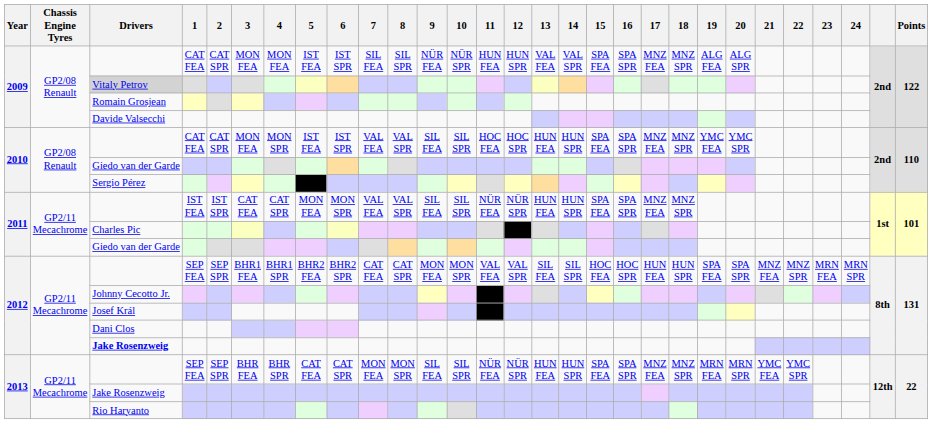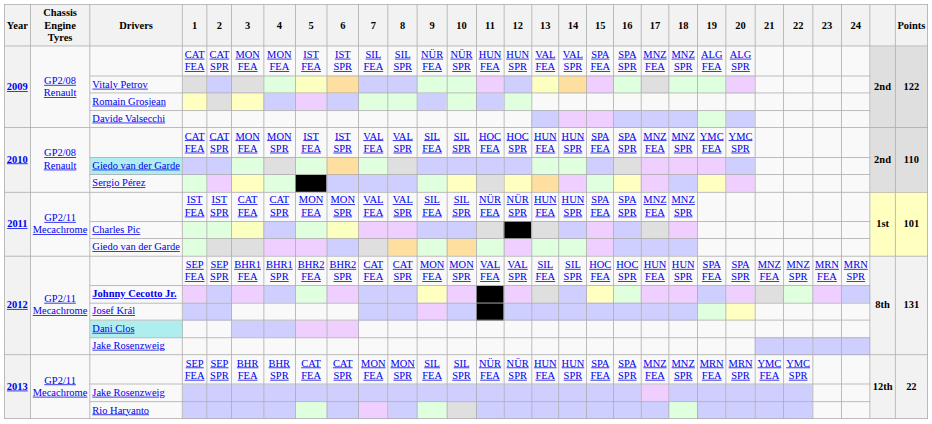 <table class="wikitable" style="text-align:center; font-size:85%;">
 <tr>
 <th>Year</th>
 <th>Chassis<br>Engine<br>Tyres</th>
 <th>Drivers</th>
 <th>1</th>
 <th>2</th>
 <th>3</th>
 <th>4</th>
 <th>5</th>
 <th>6</th>
 <th>7</th>
 <th>8</th>
 <th>9</th>
 <th>10</th>
 <th>11</th>
 <th>12</th>
 <th>13</th>
 <th>14</th>
 <th>15</th>
 <th>16</th>
 <th>17</th>
 <th>18</th>
 <th>19</th>
 <th>20</th>
 <th>21</th>
 <th>22</th>
 <th>23</th>
 <th>24</th>
 <th></th>
 <th>Points</th>
 </tr>
 <tr>
 <th rowspan=4><a href='#'>2009</a></th>
 <td rowspan=4><a href='#'>GP2/08</a><br><a href='#'>Renault</a><br></td>
 <td></td>
 <td><a href='#'>CAT<br>FEA</a></td>
 <td><a href='#'>CAT<br>SPR</a></td>
 <td><a href='#'>MON<br>FEA</a></td>
 <td><a href='#'>MON<br>FEA</a></td>
 <td><a href='#'>IST<br>FEA</a></td>
 <td><a href='#'>IST<br>SPR</a></td>
 <td><a href='#'>SIL<br>FEA</a></td>
 <td><a href='#'>SIL<br>SPR</a></td>
 <td><a href='#'>NÜR<br>FEA</a></td>
 <td><a href='#'>NÜR<br>SPR</a></td>
 <td><a href='#'>HUN<br>FEA</a></td>
 <td><a href='#'>HUN<br>SPR</a></td>
 <td><a href='#'>VAL<br>FEA</a></td>
 <td><a href='#'>VAL<br>SPR</a></td>
 <td><a href='#'>SPA<br>FEA</a></td>
 <td><a href='#'>SPA<br>SPR</a></td>
 <td><a href='#'>MNZ<br>FEA</a></td>
 <td><a href='#'>MNZ<br>SPR</a></td>
 <td><a href='#'>ALG<br>FEA</a></td>
 <td><a href='#'>ALG<br>SPR</a></td>
 <td></td>
 <td></td>
 <td></td>
 <td></td>
 <th rowspan=4 style="background:#DFDFDF;">2nd</th>
 <th rowspan=4 style="background:#DFDFDF;">122</th>
 </tr>
 <tr>
-<td align=left style="background: lightgrey;"> <a href='#'>Vitaly Petrov</a></td>
+<td align=left> <a href='#'>Vitaly Petrov</a></td>
 <td style="background:#DFDFDF;"></td>
 <td style="background:#CFCFFF;"></td>
 <td style="background:#DFDFDF;"></td>
 <td style="background:#DFFFDF;"></td>
 <td style="background:#FBFFBF;"></td>
 <td style="background:#FFDF9F;"></td>
 <td style="background:#CFCFFF;"></td>
 <td style="background:#CFCFFF;"></td>
 <td style="background:#DFFFDF;"></td>
 <td style="background:#DFFFDF;"></td>
 <td style="background:#EFCFFF;"></td>
 <td style="background:#CFCFFF;"></td>
 <td style="background:#FBFFBF;"></td>
 <td style="background:#FFDF9F;"></td>
 <td style="background:#EFCFFF;"></td>
 <td style="background:#DFFFDF;"></td>
 <td style="background:#DFDFDF;"></td>
 <td style="background:#DFFFDF;"></td>
 <td style="background:#DFFFDF;"></td>
 <td style="background:#EFCFFF;"></td>
 <td></td>
 <td></td>
 <td></td>
 <td></td>
 </tr>
 <tr>
 <td align=left> <a href='#'>Romain Grosjean</a></td>
 <td style="background:#FFFFBF;"></td>
 <td style="background:#DFDFDF;"></td>
 <td style="background:#FFFFBF;"></td>
 <td style="background:#CFCFFF;"></td>
 <td style="background:#EFCFFF;"></td>
 <td style="background:#CFCFFF;"></td>
 <td style="background:#DFFFDF;"></td>
 <td style="background:#DFFFDF;"></td>
 <td style="background:#CFCFFF;"></td>
 <td style="background:#DFFFDF;"></td>
 <td style="background:#CFCFFF;"></td>
 <td style="background:#DFFFDF;"></td>
 <td></td>
 <td></td>
 <td></td>
 <td></td>
 <td></td>
 <td></td>
 <td></td>
 <td></td>
 <td></td>
 <td></td>
 <td></td>
 <td></td>
 </tr>
 <tr>
 <td align=left> <a href='#'>Davide Valsecchi</a></td>
 <td></td>
 <td></td>
 <td></td>
 <td></td>
 <td></td>
 <td></td>
 <td></td>
 <td></td>
 <td></td>
 <td></td>
 <td></td>
 <td></td>
 <td style="background:#CFCFFF;"></td>
 <td style="background:#EFCFFF;"></td>
 <td style="background:#EFCFFF;"></td>
 <td style="background:#CFCFFF;"></td>
 <td style="background:#CFCFFF;"></td>
 <td style="background:#CFCFFF;"></td>
 <td style="background:#DFFFDF;"></td>
 <td style="background:#CFCFFF;"></td>
 <td></td>
 <td></td>
 <td></td>
 <td></td>
 </tr>
 <tr>
 <th rowspan=3><a href='#'>2010</a></th>
 <td rowspan=3><a href='#'>GP2/08</a><br><a href='#'>Renault</a><br></td>
 <td></td>
 <td><a href='#'>CAT<br>FEA</a></td>
 <td><a href='#'>CAT<br>SPR</a></td>
 <td><a href='#'>MON<br>FEA</a></td>
 <td><a href='#'>MON<br>SPR</a></td>
 <td><a href='#'>IST<br>FEA</a></td>
 <td><a href='#'>IST<br>SPR</a></td>
 <td><a href='#'>VAL<br>FEA</a></td>
 <td><a href='#'>VAL<br>SPR</a></td>
 <td><a href='#'>SIL<br>FEA</a></td>
 <td><a href='#'>SIL<br>SPR</a></td>
 <td><a href='#'>HOC<br>FEA</a></td>
 <td><a href='#'>HOC<br>SPR</a></td>
 <td><a href='#'>HUN<br>FEA</a></td>
 <td><a href='#'>HUN<br>SPR</a></td>
 <td><a href='#'>SPA<br>FEA</a></td>
 <td><a href='#'>SPA<br>SPR</a></td>
 <td><a href='#'>MNZ<br>FEA</a></td>
 <td><a href='#'>MNZ<br>SPR</a></td>
 <td><a href='#'>YMC<br>FEA</a></td>
 <td><a href='#'>YMC<br>SPR</a></td>
 <td></td>
 <td></td>
 <td></td>
 <td></td>
 <th rowspan=3 style="background:#DFDFDF;">2nd</th>
 <th rowspan=3 style="background:#DFDFDF;">110</th>
 </tr>
 <tr>
-<td align=left> <a href='#'>Giedo van der Garde</a></td>
+<td align=left style="background: paleturquoise;"> <a href='#'>Giedo van der Garde</a></td>
 <td style="background:#CFCFFF;"></td>
 <td style="background:#CFCFFF;"></td>
 <td style="background:#DFFFDF;"></td>
 <td style="background:#DFDFDF;"></td>
 <td style="background:#DFFFDF;"></td>
 <td style="background:#FFDF9F;"></td>
 <td style="background:#DFFFDF;"></td>
 <td style="background:#DFDFDF;"></td>
 <td style="background:#CFCFFF;"></td>
 <td style="background:#CFCFFF;"></td>
 <td style="background:#CFCFFF;"></td>
 <td style="background:#CFCFFF;"></td>
 <td style="background:#DFFFDF;"></td>
 <td style="background:#DFFFDF;"></td>
 <td style="background:#CFCFFF;"></td>
 <td style="background:#DFDFDF;"></td>
 <td style="background:#EFCFFF;"></td>
 <td style="background:#EFCFFF;"></td>
 <td style="background:#EFCFFF;"></td>
 <td style="background:#CFCFFF;"></td>
 <td></td>
 <td></td>
 <td></td>
 <td></td>
 </tr>
 <tr>
 <td align=left> <a href='#'>Sergio Pérez</a></td>
 <td style="background:#DFFFDF;"></td>
 <td style="background:#EFCFFF;"></td>
 <td style="background:#FFFFBF;"></td>
 <td style="background:#DFFFDF;"></td>
 <td style="background:#000000; color:#ffffff"></td>
 <td style="background:#CFCFFF;"></td>
 <td style="background:#CFCFFF;"></td>
 <td style="background:#CFCFFF;"></td>
 <td style="background:#DFFFDF;"></td>
 <td style="background:#FFFFBF;"></td>
 <td style="background:#DFDFDF;"></td>
 <td style="background:#FFFFBF;"></td>
 <td style="background:#ffdf9f;"></td>
 <td style="background:#EFCFFF;"></td>
 <td style="background:#DFFFDF;"></td>
 <td style="background:#FFFFBF;"></td>
 <td style="background:#EFCFFF;"></td>
 <td style="background:#CFCFFF;"></td>
 <td style="background:#FFFFBF;"></td>
 <td style="background:#EFCFFF;"></td>
 <td></td>
 <td></td>
 <td></td>
 <td></td>
 </tr>
 <tr>
 <th rowspan=3><a href='#'>2011</a></th>
 <td rowspan=3><a href='#'>GP2/11</a><br><a href='#'>Mecachrome</a><br></td>
 <td></td>
 <td><a href='#'>IST<br>FEA</a></td>
 <td><a href='#'>IST<br>SPR</a></td>
 <td><a href='#'>CAT<br>FEA</a></td>
 <td><a href='#'>CAT<br>SPR</a></td>
 <td><a href='#'>MON<br>FEA</a></td>
 <td><a href='#'>MON<br>SPR</a></td>
 <td><a href='#'>VAL<br>FEA</a></td>
 <td><a href='#'>VAL<br>SPR</a></td>
 <td><a href='#'>SIL<br>FEA</a></td>
 <td><a href='#'>SIL<br>SPR</a></td>
 <td><a href='#'>NÜR<br>FEA</a></td>
 <td><a href='#'>NÜR<br>SPR</a></td>
 <td><a href='#'>HUN<br>FEA</a></td>
 <td><a href='#'>HUN<br>SPR</a></td>
 <td><a href='#'>SPA<br>FEA</a></td>
 <td><a href='#'>SPA<br>SPR</a></td>
 <td><a href='#'>MNZ<br>FEA</a></td>
 <td><a href='#'>MNZ<br>SPR</a></td>
 <td></td>
 <td></td>
 <td></td>
 <td></td>
 <td></td>
 <td></td>
 <th rowspan=3 style="background:#FFFFBF;">1st</th>
 <th rowspan=3 style="background:#FFFFBF;">101</th>
 </tr>
 <tr>
 <td align=left> <a href='#'>Charles Pic</a></td>
 <td style="background:#DFFFDF;"></td>
 <td style="background:#DFFFDF;"></td>
 <td style="background:#FBFFBF;"></td>
 <td style="background:#CFCFFF;"></td>
 <td style="background:#DFFFDF;"></td>
 <td style="background:#FBFFBF;"></td>
 <td style="background:#EFCFFF;"></td>
 <td style="background:#EFCFFF;"></td>
 <td style="background:#CFCFFF;"></td>
 <td style="background:#CFCFFF;"></td>
 <td style="background:#DFDFDF;"></td>
 <td style="background:black; color:white"></td>
 <td style="background:#DFDFDF;"></td>
 <td style="background:#CFCFFF;"></td>
 <td style="background:#EFCFFF;"></td>
 <td style="background:#CFCFFF;"></td>
 <td style="background:#DFDFDF;"></td>
 <td style="background:#EFCFFF;"></td>
 <td></td>
 <td></td>
 <td></td>
 <td></td>
 <td></td>
 <td></td>
 </tr>
 <tr>
 <td align=left> <a href='#'>Giedo van der Garde</a></td>
 <td style="background:#DFFFDF;"></td>
 <td style="background:#DFDFDF;"></td>
 <td style="background:#DFDFDF;"></td>
 <td style="background:#EFCFFF;"></td>
 <td style="background:#EFCFFF;"></td>
 <td style="background:#CFCFFF;"></td>
 <td style="background:#DFDFDF;"></td>
 <td style="background:#FFDF9F;"></td>
 <td style="background:#DFFFDF;"></td>
 <td style="background:#FFDF9F;"></td>
 <td style="background:#DFFFDF;"></td>
 <td style="background:#EFCFFF;"></td>
 <td style="background:#DFFFDF;"></td>
 <td style="background:#DFFFDF;"></td>
 <td style="background:#EFCFFF;"></td>
 <td style="background:#CFCFFF;"></td>
 <td style="background:#CFCFFF;"></td>
 <td style="background:#CFCFFF;"></td>
 <td></td>
 <td></td>
 <td></td>
 <td></td>
 <td></td>
 <td></td>
 </tr>
 <tr>
 <th rowspan=5><a href='#'>2012</a></th>
 <td rowspan=5><a href='#'>GP2/11</a><br><a href='#'>Mecachrome</a><br></td>
 <td></td>
 <td><a href='#'>SEP<br>FEA</a></td>
 <td><a href='#'>SEP<br>SPR</a></td>
 <td><a href='#'>BHR1<br>FEA</a></td>
 <td><a href='#'>BHR1<br>SPR</a></td>
 <td><a href='#'>BHR2<br>FEA</a></td>
 <td><a href='#'>BHR2<br>SPR</a></td>
 <td><a href='#'>CAT<br>FEA</a></td>
 <td><a href='#'>CAT<br>SPR</a></td>
 <td><a href='#'>MON<br>FEA</a></td>
 <td><a href='#'>MON<br>SPR</a></td>
 <td><a href='#'>VAL<br>FEA</a></td>
 <td><a href='#'>VAL<br>SPR</a></td>
 <td><a href='#'>SIL<br>FEA</a></td>
 <td><a href='#'>SIL<br>SPR</a></td>
 <td><a href='#'>HOC<br>FEA</a></td>
 <td><a href='#'>HOC<br>SPR</a></td>
 <td><a href='#'>HUN<br>FEA</a></td>
 <td><a href='#'>HUN<br>SPR</a></td>
 <td><a href='#'>SPA<br>FEA</a></td>
 <td><a href='#'>SPA<br>SPR</a></td>
 <td><a href='#'>MNZ<br>FEA</a></td>
 <td><a href='#'>MNZ<br>SPR</a></td>
 <td><a href='#'>MRN<br>FEA</a></td>
 <td><a href='#'>MRN<br>SPR</a></td>
 <th rowspan=5>8th</th>
 <th rowspan=5>131</th>
 </tr>
 <tr>
-<td align=left> <a href='#'>Johnny Cecotto Jr.</a></td>
+<td align=left><strong> <a href='#'>Johnny Cecotto Jr.</a></strong></td>
 <td style="background:#efcfff;"></td>
 <td style="background:#cfcfff;"></td>
 <td style="background:#efcfff;"></td>
 <td style="background:#cfcfff;"></td>
 <td style="background:#DFFFDF;"></td>
 <td style="background:#efcfff;"></td>
 <td style="background:#cfcfff;"></td>
 <td style="background:#cfcfff;"></td>
 <td style="background:#ffffbf;"></td>
 <td style="background:#efcfff;"></td>
 <td style="background:#000000; color:white"></td>
 <td style="background:#efcfff;"></td>
 <td style="background:#DFDFDF;"></td>
 <td style="background:#cfcfff;"></td>
 <td style="background:#ffffbf;"></td>
 <td style="background:#DFFFDF;"></td>
 <td style="background:#efcfff;"></td>
 <td style="background:#efcfff;"></td>
 <td style="background:#cfcfff;"></td>
 <td style="background:#efcfff;"></td>
 <td style="background:#DFDFDF;"></td>
 <td style="background:#DFFFDF;"></td>
 <td style="background:#efcfff;"></td>
 <td style="background:#cfcfff;"></td>
 </tr>
 <tr>
 <td align=left> <a href='#'>Josef Král</a></td>
 <td style="background:#cfcfff;"></td>
 <td style="background:#cfcfff;"></td>
 <td></td>
 <td></td>
 <td></td>
 <td></td>
 <td style="background:#cfcfff;"></td>
 <td style="background:#cfcfff;"></td>
 <td style="background:#EFCFFF;"></td>
 <td style="background:#cfcfff;"></td>
 <td style="background:#000000; color:white"></td>
 <td style="background:#cfcfff;"></td>
 <td style="background:#cfcfff;"></td>
 <td style="background:#cfcfff;"></td>
 <td style="background:#cfcfff;"></td>
 <td style="background:#cfcfff;"></td>
 <td style="background:#cfcfff;"></td>
 <td style="background:#cfcfff;"></td>
 <td style="background:#DFFFDF;"></td>
 <td style="background:#ffffbf;"></td>
 <td></td>
 <td></td>
 <td></td>
 <td></td>
 </tr>
 <tr>
-<td align=left> <a href='#'>Dani Clos</a></td>
+<td align=left style="background: paleturquoise;"> <a href='#'>Dani Clos</a></td>
 <td></td>
 <td></td>
 <td style="background:#cfcfff;"></td>
 <td style="background:#cfcfff;"></td>
 <td style="background:#EFCFFF;"></td>
 <td style="background:#EFCFFF;"></td>
 <td></td>
 <td></td>
 <td></td>
 <td></td>
 <td></td>
 <td></td>
 <td></td>
 <td></td>
 <td></td>
 <td></td>
 <td></td>
 <td></td>
 <td></td>
 <td></td>
 <td></td>
 <td></td>
 <td></td>
 <td></td>
 </tr>
 <tr>
-<td align=left><strong> <a href='#'>Jake Rosenzweig</a></strong></td>
+<td align=left> <a href='#'>Jake Rosenzweig</a></td>
 <td></td>
 <td></td>
 <td></td>
 <td></td>
 <td></td>
 <td></td>
 <td></td>
 <td></td>
 <td></td>
 <td></td>
 <td></td>
 <td></td>
 <td></td>
 <td></td>
 <td></td>
 <td></td>
 <td></td>
 <td></td>
 <td></td>
 <td></td>
 <td style="background:#cfcfff;"></td>
 <td style="background:#cfcfff;"></td>
 <td style="background:#cfcfff;"></td>
 <td style="background:#cfcfff;"></td>
 </tr>
 <tr>
 <th rowspan=3><a href='#'>2013</a></th>
 <td rowspan=3><a href='#'>GP2/11</a><br><a href='#'>Mecachrome</a><br></td>
 <td></td>
 <td><a href='#'>SEP<br>FEA</a></td>
 <td><a href='#'>SEP<br>SPR</a></td>
 <td><a href='#'>BHR<br>FEA</a></td>
 <td><a href='#'>BHR<br>SPR</a></td>
 <td><a href='#'>CAT<br>FEA</a></td>
 <td><a href='#'>CAT<br>SPR</a></td>
 <td><a href='#'>MON<br>FEA</a></td>
 <td><a href='#'>MON<br>SPR</a></td>
 <td><a href='#'>SIL<br>FEA</a></td>
 <td><a href='#'>SIL<br>SPR</a></td>
 <td><a href='#'>NÜR<br>FEA</a></td>
 <td><a href='#'>NÜR<br>SPR</a></td>
 <td><a href='#'>HUN<br>FEA</a></td>
 <td><a href='#'>HUN<br>SPR</a></td>
 <td><a href='#'>SPA<br>FEA</a></td>
 <td><a href='#'>SPA<br>SPR</a></td>
 <td><a href='#'>MNZ<br>FEA</a></td>
 <td><a href='#'>MNZ<br>SPR</a></td>
 <td><a href='#'>MRN<br>FEA</a></td>
 <td><a href='#'>MRN<br>SPR</a></td>
 <td><a href='#'>YMC<br>FEA</a></td>
 <td><a href='#'>YMC<br>SPR</a></td>
 <td></td>
 <td></td>
 <th rowspan=3>12th</th>
 <th rowspan=3>22</th>
 </tr>
 <tr>
 <td align=left> <a href='#'>Jake Rosenzweig</a></td>
 <td style="background:#CFCFFF;"></td>
 <td style="background:#CFCFFF;"></td>
 <td style="background:#CFCFFF;"></td>
 <td style="background:#CFCFFF;"></td>
 <td style="background:#CFCFFF;"></td>
 <td style="background:#CFCFFF;"></td>
 <td style="background:#CFCFFF;"></td>
 <td style="background:#CFCFFF;"></td>
 <td style="background:#CFCFFF;"></td>
 <td style="background:#CFCFFF;"></td>
 <td style="background:#CFCFFF;"></td>
 <td style="background:#CFCFFF;"></td>
 <td style="background:#CFCFFF;"></td>
 <td style="background:#CFCFFF;"></td>
 <td style="background:#CFCFFF;"></td>
 <td style="background:#CFCFFF;"></td>
 <td style="background:#EFCFFF;"></td>
 <td style="background:#CFCFFF;"></td>
 <td style="background:#CFCFFF;"></td>
 <td style="background:#CFCFFF;"></td>
 <td style="background:#CFCFFF;"></td>
 <td style="background:#CFCFFF;"></td>
 <td></td>
 <td></td>
 </tr>
 <tr>
 <td align=left> <a href='#'>Rio Haryanto</a></td>
 <td style="background:#CFCFFF;"></td>
 <td style="background:#CFCFFF;"></td>
 <td style="background:#CFCFFF;"></td>
 <td style="background:#CFCFFF;"></td>
 <td style="background:#DFFFDF;"></td>
 <td style="background:#CFCFFF;"></td>
 <td style="background:#EFCFFF;"></td>
 <td style="background:#CFCFFF;"></td>
 <td style="background:#DFFFDF;"></td>
 <td style="background:#DFDFDF;"></td>
 <td style="background:#CFCFFF;"></td>
 <td style="background:#CFCFFF;"></td>
 <td style="background:#CFCFFF;"></td>
 <td style="background:#CFCFFF;"></td>
 <td style="background:#CFCFFF;"></td>
 <td style="background:#CFCFFF;"></td>
 <td style="background:#CFCFFF;"></td>
 <td style="background:#DFFFDF;"></td>
 <td style="background:#CFCFFF;"></td>
 <td style="background:#CFCFFF;"></td>
 <td style="background:#CFCFFF;"></td>
 <td style="background:#CFCFFF;"></td>
 <td></td>
 <td></td>
 </tr>
 </table>
